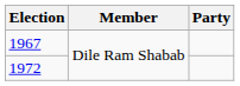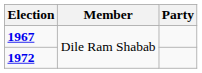 <table class="wikitable sortable">
 <tr>
 <th>Election</th>
 <th>Member</th>
 <th colspan=2>Party</th>
 </tr>
 <tr>
-<td><a href='#'>1967</a></td>
+<td><strong><a href='#'>1967</a></strong></td>
 <td rowspan=2>Dile Ram Shabab</td>
 <td></td>
 </tr>
 <tr>
-<td><a href='#'>1972</a></td>
+<td><strong><a href='#'>1972</a></strong></td>
 </tr>
 </table>
